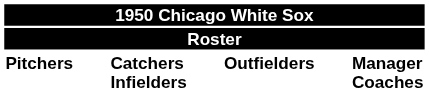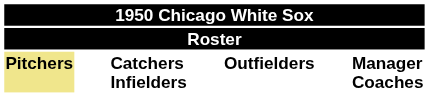 <table class="toccolours" style="font-size: 95%;">
 <tr>
 <th colspan="10" style="background-color: black; color: white; text-align: center;">1950 Chicago White Sox</th>
 </tr>
 <tr>
 <td colspan="10" style="background-color: black; color: white; text-align: center;"><strong>Roster</strong></td>
 </tr>
 <tr>
-<td valign="top"><strong>Pitchers</strong><br>                </td>
+<td valign="top" style="background: khaki;"><strong>Pitchers</strong><br>                </td>
 <td width="25px"></td>
 <td valign="top"><strong>Catchers</strong><br>     <strong>Infielders</strong>           </td>
 <td width="25px"></td>
 <td valign="top"><strong>Outfielders</strong><br>         </td>
 <td width="25px"></td>
 <td valign="top"><strong>Manager</strong><br>  <strong>Coaches</strong>   </td>
 </tr>
 </table>
